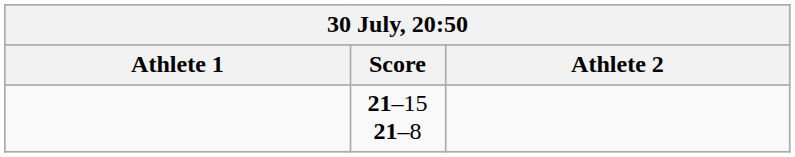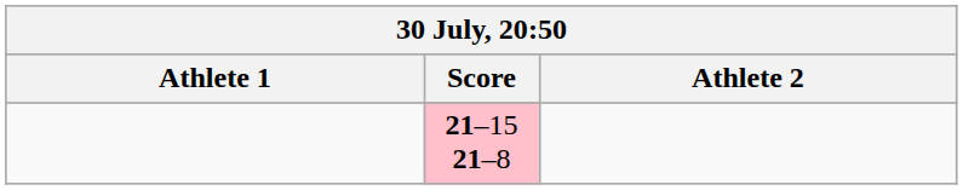 <table class="wikitable" style="text-align: center; font-size:90% ">
 <tr>
 <th colspan=3>30 July, 20:50</th>
 </tr>
 <tr>
 <th align="right" width="200">Athlete 1</th>
 <th width="50">Score</th>
 <th align="left" width="200">Athlete 2</th>
 </tr>
 <tr>
 <td align=right><strong></strong></td>
-<td align=center><strong>21</strong>–15<br><strong>21</strong>–8</td>
+<td align=center style="background: pink;"><strong>21</strong>–15<br><strong>21</strong>–8</td>
 <td align=left></td>
 </tr>
 </table>
